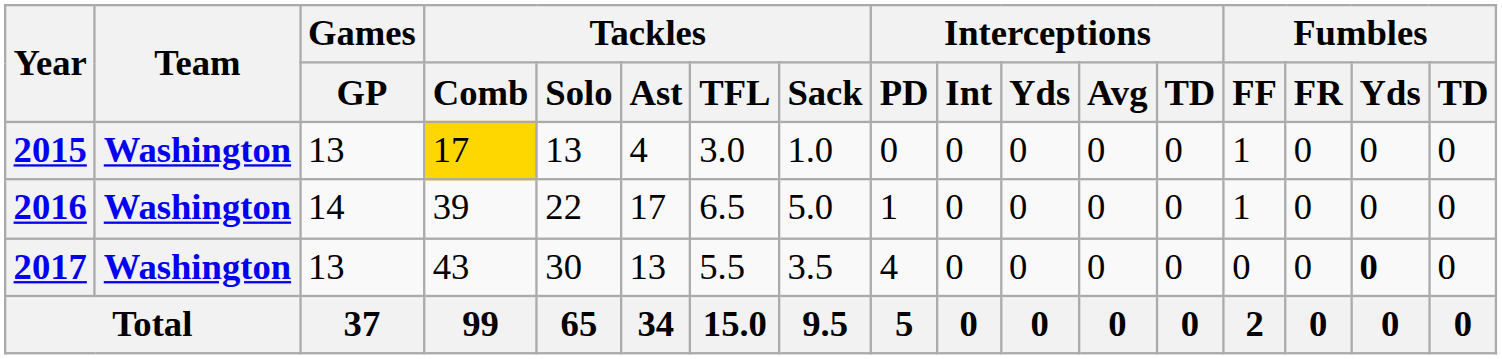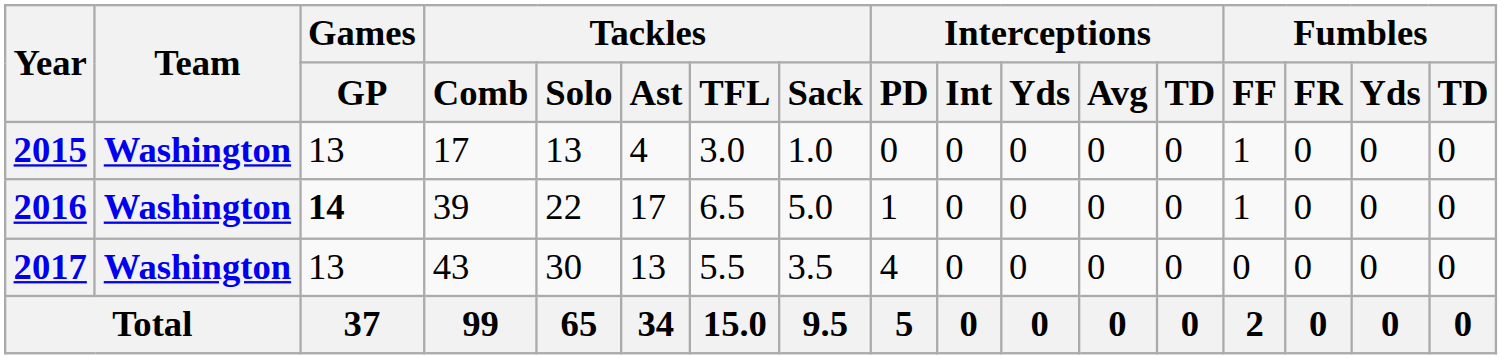 <table class="wikitable">
 <tr>
 <th rowspan="2">Year</th>
 <th rowspan="2">Team</th>
 <th>Games</th>
 <th colspan="5">Tackles</th>
 <th colspan="5">Interceptions</th>
 <th colspan="4">Fumbles</th>
 </tr>
 <tr>
 <th>GP</th>
 <th>Comb</th>
 <th>Solo</th>
 <th>Ast</th>
 <th>TFL</th>
 <th>Sack</th>
 <th>PD</th>
 <th>Int</th>
 <th>Yds</th>
 <th>Avg</th>
 <th>TD</th>
 <th>FF</th>
 <th>FR</th>
 <th>Yds</th>
 <th>TD</th>
 </tr>
 <tr>
 <th><a href='#'>2015</a></th>
 <th><a href='#'>Washington</a></th>
 <td>13</td>
-<td style="background: gold;">17</td>
+<td>17</td>
 <td>13</td>
 <td>4</td>
 <td>3.0</td>
 <td>1.0</td>
 <td>0</td>
 <td>0</td>
 <td>0</td>
 <td>0</td>
 <td>0</td>
 <td>1</td>
 <td>0</td>
 <td>0</td>
 <td>0</td>
 </tr>
 <tr>
 <th><a href='#'>2016</a></th>
 <th><a href='#'>Washington</a></th>
-<td>14</td>
+<td><strong>14</strong></td>
 <td>39</td>
 <td>22</td>
 <td>17</td>
 <td>6.5</td>
 <td>5.0</td>
 <td>1</td>
 <td>0</td>
 <td>0</td>
 <td>0</td>
 <td>0</td>
 <td>1</td>
 <td>0</td>
 <td>0</td>
 <td>0</td>
 </tr>
 <tr>
 <th><a href='#'>2017</a></th>
 <th><a href='#'>Washington</a></th>
 <td>13</td>
 <td>43</td>
 <td>30</td>
 <td>13</td>
 <td>5.5</td>
 <td>3.5</td>
 <td>4</td>
 <td>0</td>
 <td>0</td>
 <td>0</td>
 <td>0</td>
 <td>0</td>
 <td>0</td>
-<td><strong>0</strong></td>
+<td>0</td>
 <td>0</td>
 </tr>
 <tr>
 <th colspan="2">Total</th>
 <th>37</th>
 <th>99</th>
 <th>65</th>
 <th>34</th>
 <th>15.0</th>
 <th>9.5</th>
 <th>5</th>
 <th>0</th>
 <th>0</th>
 <th>0</th>
 <th>0</th>
 <th>2</th>
 <th>0</th>
 <th>0</th>
 <th>0</th>
 </tr>
 </table>
